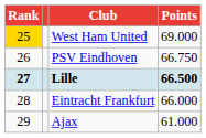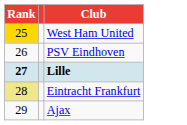 <table class="wikitable" style="text-align: center;">
 <tr>
 <th style="background:#E83C34; color:#FFFFFF; ">Rank</th>
 <th style="background:#E83C34; color:#FFFFFF; "></th>
 <th style="background:#E83C34; color:#FFFFFF; ">Club</th>
-<th style="background:#E83C34; color:#FFFFFF; ">Points</th>
 </tr>
 <tr>
 <td style="background: gold;">25</td>
 <td></td>
 <td align=left> <a href='#'>West Ham United</a></td>
-<td>69.000</td>
 </tr>
 <tr>
 <td>26</td>
 <td></td>
 <td align=left> <a href='#'>PSV Eindhoven</a></td>
-<td>66.750</td>
 </tr>
 <tr bgcolor="#d2e6ee">
 <td><strong>27</strong></td>
 <td></td>
 <td align=left> <strong>Lille</strong></td>
-<td><strong>66.500</strong></td>
 </tr>
 <tr>
-<td>28</td>
+<td style="background: khaki;">28</td>
 <td></td>
 <td align=left> <a href='#'>Eintracht Frankfurt</a></td>
-<td>66.000</td>
 </tr>
 <tr>
 <td>29</td>
 <td></td>
 <td align=left> <a href='#'>Ajax</a></td>
-<td>61.000</td>
 </tr>
 </table>
